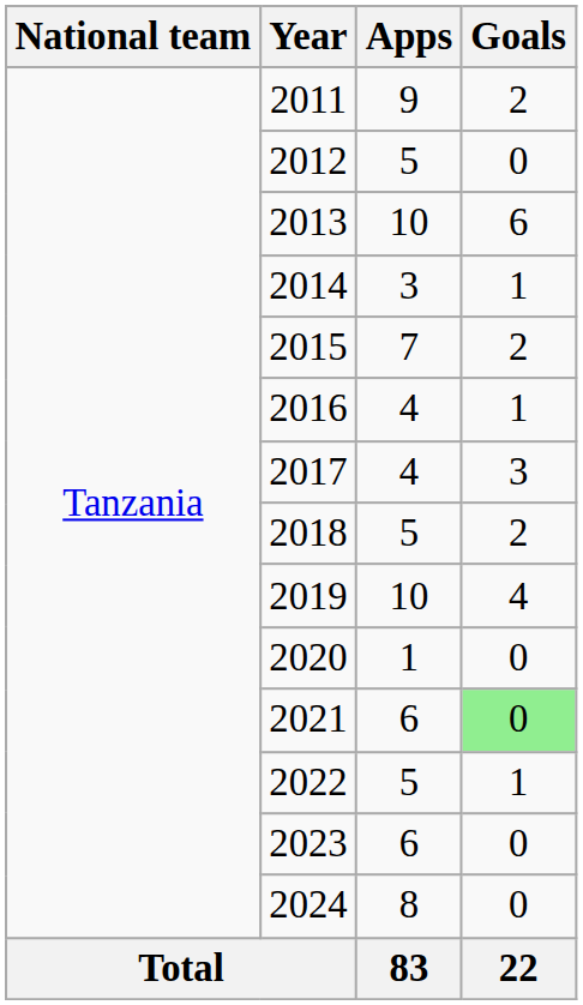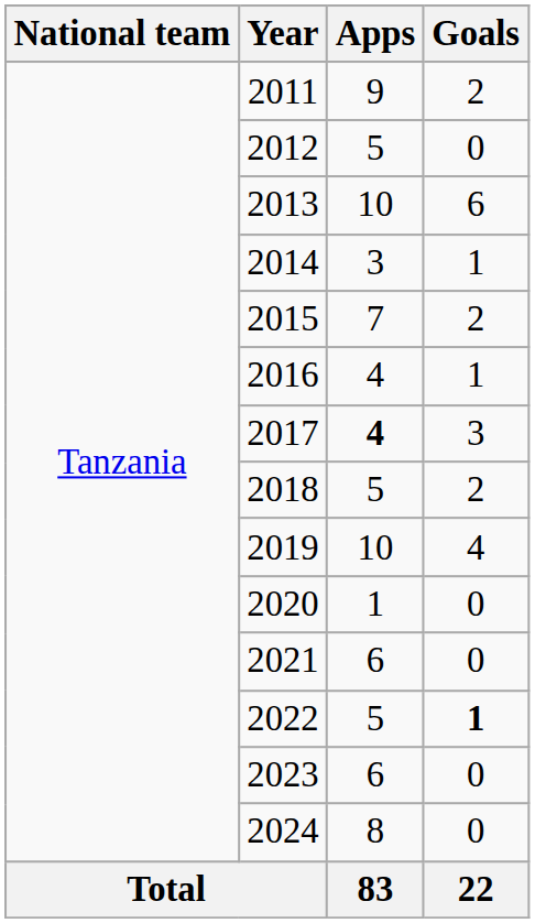 <table class="wikitable" style="text-align:center">
 <tr>
 <th>National team</th>
 <th>Year</th>
 <th>Apps</th>
 <th>Goals</th>
 </tr>
 <tr>
 <td rowspan="14"><a href='#'>Tanzania</a></td>
 <td>2011</td>
 <td>9</td>
 <td>2</td>
 </tr>
 <tr>
 <td>2012</td>
 <td>5</td>
 <td>0</td>
 </tr>
 <tr>
 <td>2013</td>
 <td>10</td>
 <td>6</td>
 </tr>
 <tr>
 <td>2014</td>
 <td>3</td>
 <td>1</td>
 </tr>
 <tr>
 <td>2015</td>
 <td>7</td>
 <td>2</td>
 </tr>
 <tr>
 <td>2016</td>
 <td>4</td>
 <td>1</td>
 </tr>
 <tr>
 <td>2017</td>
-<td>4</td>
+<td><strong>4</strong></td>
 <td>3</td>
 </tr>
 <tr>
 <td>2018</td>
 <td>5</td>
 <td>2</td>
 </tr>
 <tr>
 <td>2019</td>
 <td>10</td>
 <td>4</td>
 </tr>
 <tr>
 <td>2020</td>
 <td>1</td>
 <td>0</td>
 </tr>
 <tr>
 <td>2021</td>
 <td>6</td>
-<td style="background: lightgreen;">0</td>
+<td>0</td>
 </tr>
 <tr>
 <td>2022</td>
 <td>5</td>
-<td>1</td>
+<td><strong>1</strong></td>
 </tr>
 <tr>
 <td>2023</td>
 <td>6</td>
 <td>0</td>
 </tr>
 <tr>
 <td>2024</td>
 <td>8</td>
 <td>0</td>
 </tr>
 <tr>
 <th colspan="2">Total</th>
 <th>83</th>
 <th>22</th>
 </tr>
 </table>
